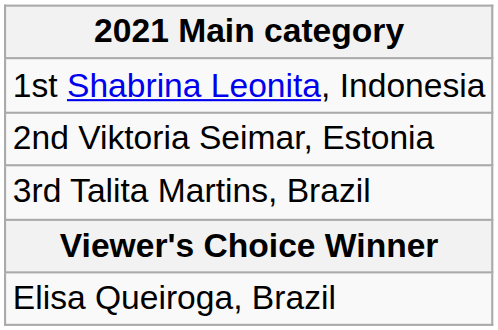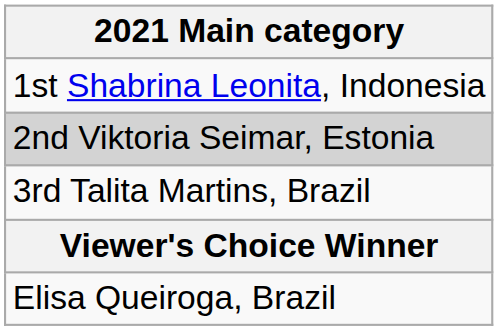 <table class="wikitable" style="float:left; margin-right:1em">
 <tr>
 <th>2021 Main category</th>
 </tr>
 <tr>
 <td>1st <a href='#'>Shabrina Leonita</a>, Indonesia</td>
 </tr>
 <tr>
-<td>2nd Viktoria Seimar, Estonia</td>
+<td style="background: lightgrey;">2nd Viktoria Seimar, Estonia</td>
 </tr>
 <tr>
 <td>3rd Talita Martins, Brazil</td>
 </tr>
 <tr>
 <th>Viewer's Choice Winner</th>
 </tr>
 <tr>
 <td>Elisa Queiroga, Brazil</td>
 </tr>
 </table>
